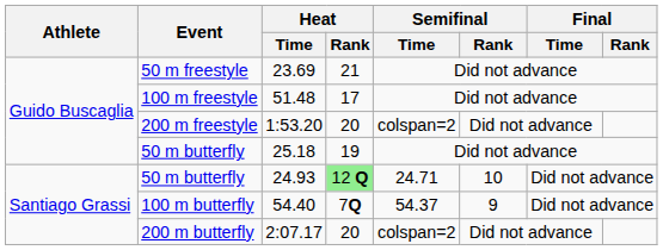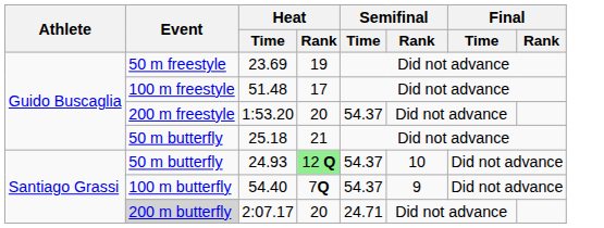 <table class=wikitable style="font-size:90%">
 <tr>
 <th rowspan=2>Athlete</th>
 <th rowspan=2>Event</th>
 <th colspan="2">Heat</th>
 <th colspan="2">Semifinal</th>
 <th colspan="2">Final</th>
 </tr>
 <tr style="font-size:95%">
 <th>Time</th>
 <th>Rank</th>
 <th>Time</th>
 <th>Rank</th>
 <th>Time</th>
 <th>Rank</th>
 </tr>
 <tr align=center>
 <td align=left rowspan=4><a href='#'>Guido Buscaglia</a></td>
 <td align=left><a href='#'>50 m freestyle</a></td>
 <td>23.69</td>
-<td>21</td>
+<td>19</td>
 <td colspan=4>Did not advance</td>
 </tr>
 <tr align=center>
 <td align=left><a href='#'>100 m freestyle</a></td>
 <td>51.48</td>
 <td>17</td>
 <td colspan=4>Did not advance</td>
 </tr>
 <tr align=center>
 <td align=left><a href='#'>200 m freestyle</a></td>
 <td>1:53.20</td>
 <td>20</td>
-<td>colspan=2 </td>
+<td>54.37</td>
 <td colspan=2>Did not advance</td>
 </tr>
 <tr align=center>
 <td align=left><a href='#'>50 m butterfly</a></td>
 <td>25.18</td>
-<td>19</td>
+<td>21</td>
 <td colspan=4>Did not advance</td>
 </tr>
 <tr align=center>
 <td align=left rowspan=3><a href='#'>Santiago Grassi</a></td>
 <td align=left><a href='#'>50 m butterfly</a></td>
 <td>24.93</td>
 <td style="background: lightgreen;">12 <strong>Q</strong></td>
-<td>24.71</td>
+<td>54.37</td>
 <td>10</td>
 <td colspan=2>Did not advance</td>
 </tr>
 <tr align=center>
 <td align=left><a href='#'>100 m butterfly</a></td>
 <td>54.40</td>
 <td>7<strong>Q</strong></td>
 <td>54.37</td>
 <td>9</td>
 <td colspan=2>Did not advance</td>
 </tr>
 <tr align=center>
-<td align=left><a href='#'>200 m butterfly</a></td>
+<td align=left style="background: lightgrey;"><a href='#'>200 m butterfly</a></td>
 <td>2:07.17</td>
 <td>20</td>
-<td>colspan=2 </td>
+<td>24.71</td>
 <td colspan=2>Did not advance</td>
 </tr>
 </table>
